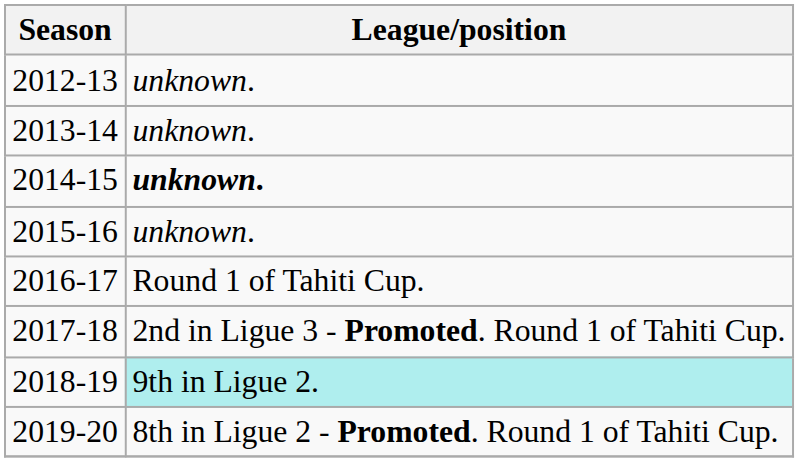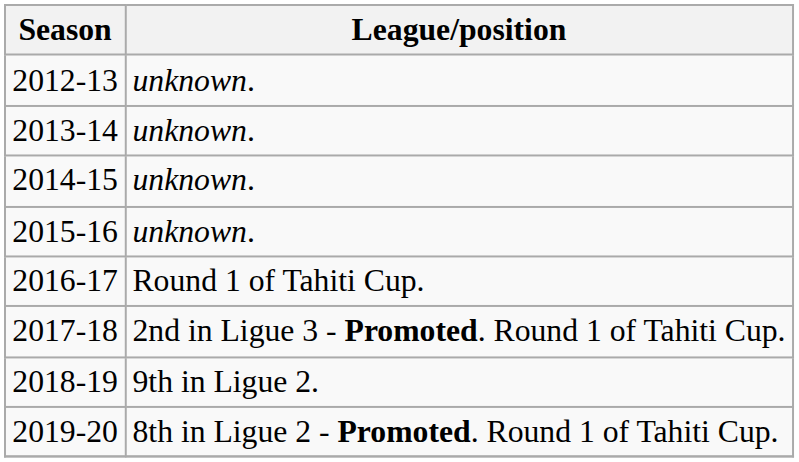 <table class="wikitable sortable">
 <tr>
 <th>Season</th>
 <th>League/position</th>
 </tr>
 <tr>
 <td>2012-13</td>
 <td><em>unknown</em>.</td>
 </tr>
 <tr>
 <td>2013-14</td>
 <td><em>unknown</em>.</td>
 </tr>
 <tr>
 <td>2014-15</td>
-<td><strong><em>unknown</em>.</strong></td>
+<td><em>unknown</em>.</td>
 </tr>
 <tr>
 <td>2015-16</td>
 <td><em>unknown</em>.</td>
 </tr>
 <tr>
 <td>2016-17</td>
 <td>Round 1 of Tahiti Cup.</td>
 </tr>
 <tr>
 <td>2017-18</td>
 <td>2nd in Ligue 3 - <strong>Promoted</strong>. Round 1 of Tahiti Cup.</td>
 </tr>
 <tr>
 <td>2018-19</td>
-<td style="background: paleturquoise;">9th in Ligue 2.</td>
+<td>9th in Ligue 2.</td>
 </tr>
 <tr>
 <td>2019-20</td>
 <td>8th in Ligue 2 - <strong>Promoted</strong>. Round 1 of Tahiti Cup.</td>
 </tr>
 <tr>
 </tr>
 </table>
